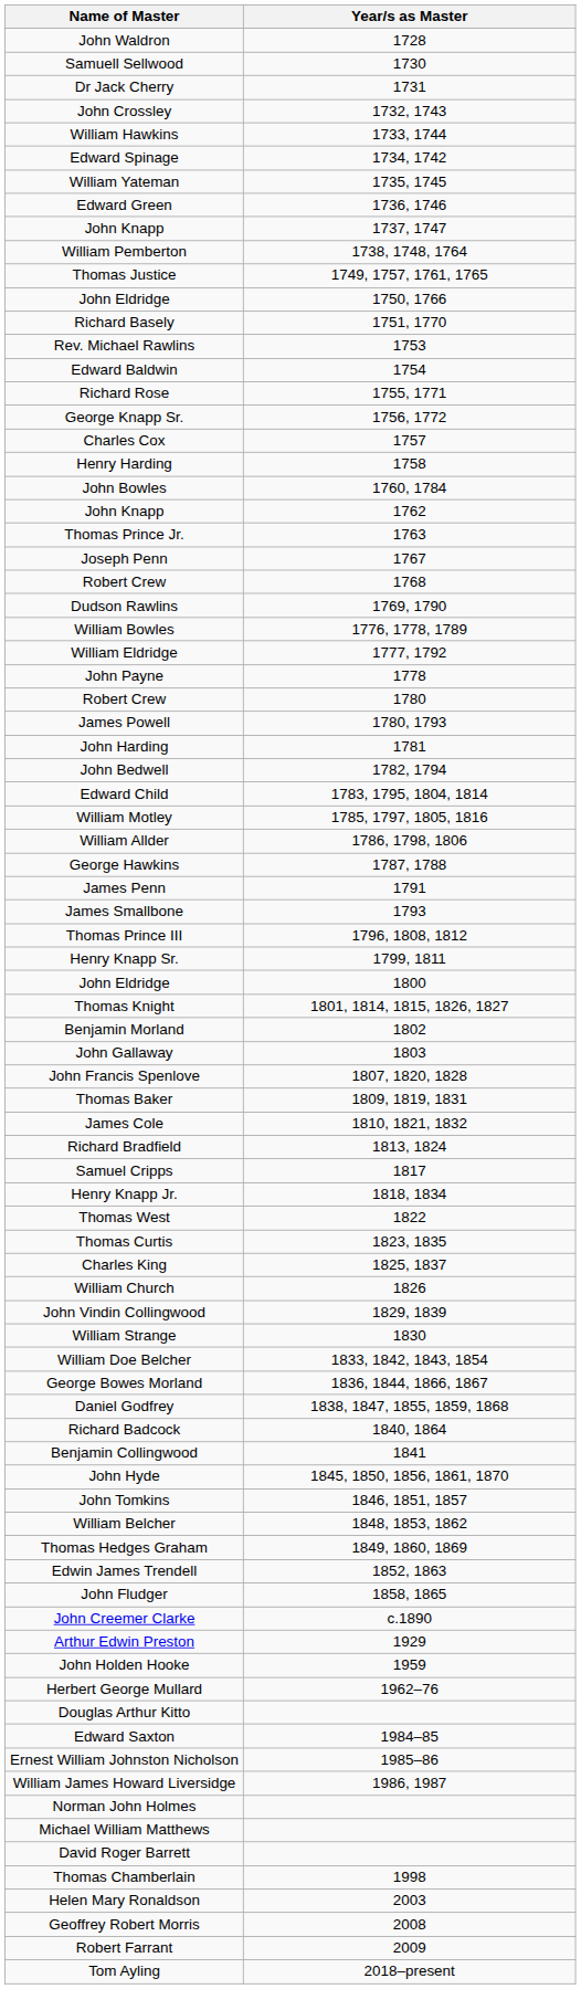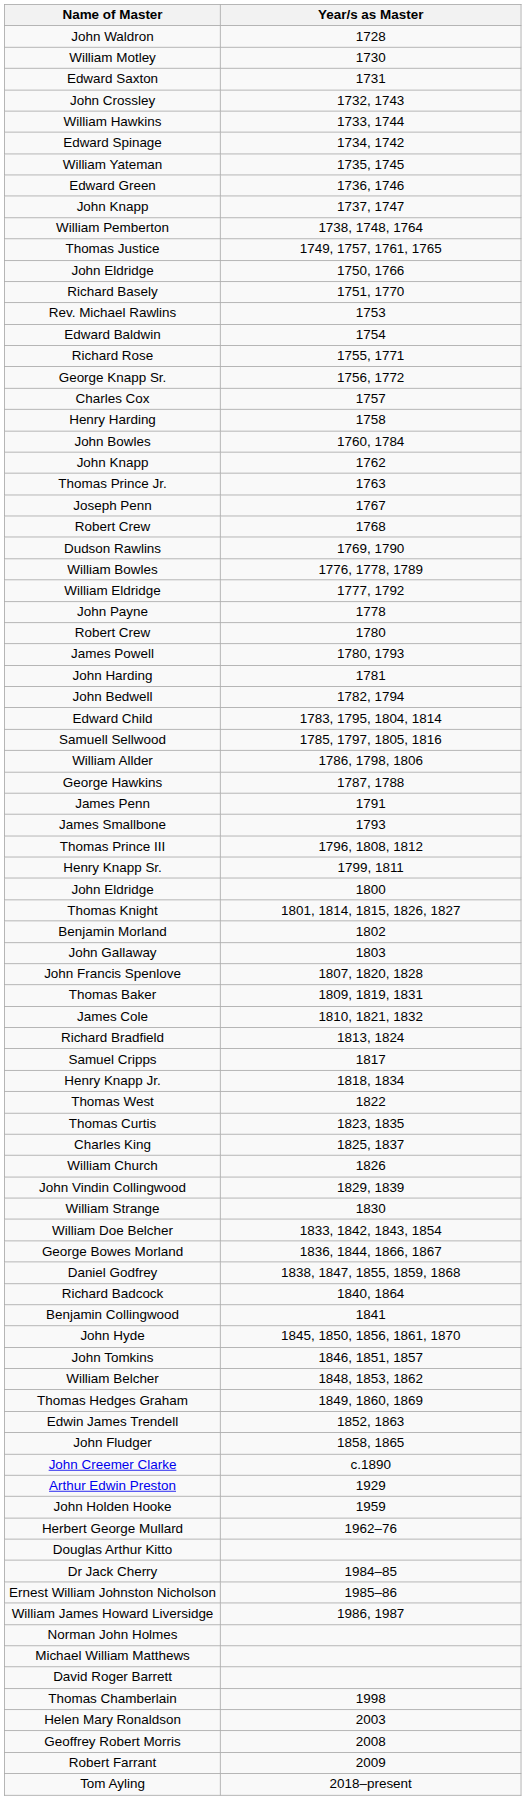 <table class="wikitable collapsible collapsed" style="text-align:center">
 <tr>
 <th width=250>Name of Master</th>
 <th width=350>Year/s as Master</th>
 </tr>
 <tr>
 <td>John Waldron</td>
 <td>1728</td>
 </tr>
 <tr>
-<td>Samuell Sellwood</td>
+<td>William Motley</td>
 <td>1730</td>
 </tr>
 <tr>
-<td>Dr Jack Cherry</td>
+<td>Edward Saxton</td>
 <td>1731</td>
 </tr>
 <tr>
 <td>John Crossley</td>
 <td>1732, 1743</td>
 </tr>
 <tr>
 <td>William Hawkins</td>
 <td>1733, 1744</td>
 </tr>
 <tr>
 <td>Edward Spinage</td>
 <td>1734, 1742</td>
 </tr>
 <tr>
 <td>William Yateman</td>
 <td>1735, 1745</td>
 </tr>
 <tr>
 <td>Edward Green</td>
 <td>1736, 1746</td>
 </tr>
 <tr>
 <td>John Knapp</td>
 <td>1737, 1747</td>
 </tr>
 <tr>
 <td>William Pemberton</td>
 <td>1738, 1748, 1764</td>
 </tr>
 <tr>
 <td>Thomas Justice</td>
 <td>1749, 1757, 1761, 1765</td>
 </tr>
 <tr>
 <td>John Eldridge</td>
 <td>1750, 1766</td>
 </tr>
 <tr>
 <td>Richard Basely</td>
 <td>1751, 1770</td>
 </tr>
 <tr>
 <td>Rev. Michael Rawlins</td>
 <td>1753</td>
 </tr>
 <tr>
 <td>Edward Baldwin</td>
 <td>1754</td>
 </tr>
 <tr>
 <td>Richard Rose</td>
 <td>1755, 1771</td>
 </tr>
 <tr>
 <td>George Knapp Sr.</td>
 <td>1756, 1772</td>
 </tr>
 <tr>
 <td>Charles Cox</td>
 <td>1757</td>
 </tr>
 <tr>
 <td>Henry Harding</td>
 <td>1758</td>
 </tr>
 <tr>
 <td>John Bowles</td>
 <td>1760, 1784</td>
 </tr>
 <tr>
 <td>John Knapp</td>
 <td>1762</td>
 </tr>
 <tr>
 <td>Thomas Prince Jr.</td>
 <td>1763</td>
 </tr>
 <tr>
 <td>Joseph Penn</td>
 <td>1767</td>
 </tr>
 <tr>
 <td>Robert Crew</td>
 <td>1768</td>
 </tr>
 <tr>
 <td>Dudson Rawlins</td>
 <td>1769, 1790</td>
 </tr>
 <tr>
 <td>William Bowles</td>
 <td>1776, 1778, 1789</td>
 </tr>
 <tr>
 <td>William Eldridge</td>
 <td>1777, 1792</td>
 </tr>
 <tr>
 <td>John Payne</td>
 <td>1778</td>
 </tr>
 <tr>
 <td>Robert Crew</td>
 <td>1780</td>
 </tr>
 <tr>
 <td>James Powell</td>
 <td>1780, 1793</td>
 </tr>
 <tr>
 <td>John Harding</td>
 <td>1781</td>
 </tr>
 <tr>
 <td>John Bedwell</td>
 <td>1782, 1794</td>
 </tr>
 <tr>
 <td>Edward Child</td>
 <td>1783, 1795, 1804, 1814</td>
 </tr>
 <tr>
-<td>William Motley</td>
+<td>Samuell Sellwood</td>
 <td>1785, 1797, 1805, 1816</td>
 </tr>
 <tr>
 <td>William Allder</td>
 <td>1786, 1798, 1806</td>
 </tr>
 <tr>
 <td>George Hawkins</td>
 <td>1787, 1788</td>
 </tr>
 <tr>
 <td>James Penn</td>
 <td>1791</td>
 </tr>
 <tr>
 <td>James Smallbone</td>
 <td>1793</td>
 </tr>
 <tr>
 <td>Thomas Prince III</td>
 <td>1796, 1808, 1812</td>
 </tr>
 <tr>
 <td>Henry Knapp Sr.</td>
 <td>1799, 1811</td>
 </tr>
 <tr>
 <td>John Eldridge</td>
 <td>1800</td>
 </tr>
 <tr>
 <td>Thomas Knight</td>
 <td>1801, 1814, 1815, 1826, 1827</td>
 </tr>
 <tr>
 <td>Benjamin Morland</td>
 <td>1802</td>
 </tr>
 <tr>
 <td>John Gallaway</td>
 <td>1803</td>
 </tr>
 <tr>
 <td>John Francis Spenlove</td>
 <td>1807, 1820, 1828</td>
 </tr>
 <tr>
 <td>Thomas Baker</td>
 <td>1809, 1819, 1831</td>
 </tr>
 <tr>
 <td>James Cole</td>
 <td>1810, 1821, 1832</td>
 </tr>
 <tr>
 <td>Richard Bradfield</td>
 <td>1813, 1824</td>
 </tr>
 <tr>
 <td>Samuel Cripps</td>
 <td>1817</td>
 </tr>
 <tr>
 <td>Henry Knapp Jr.</td>
 <td>1818, 1834</td>
 </tr>
 <tr>
 <td>Thomas West</td>
 <td>1822</td>
 </tr>
 <tr>
 <td>Thomas Curtis</td>
 <td>1823, 1835</td>
 </tr>
 <tr>
 <td>Charles King</td>
 <td>1825, 1837</td>
 </tr>
 <tr>
 <td>William Church</td>
 <td>1826</td>
 </tr>
 <tr>
 <td>John Vindin Collingwood</td>
 <td>1829, 1839</td>
 </tr>
 <tr>
 <td>William Strange</td>
 <td>1830</td>
 </tr>
 <tr>
 <td>William Doe Belcher</td>
 <td>1833, 1842, 1843, 1854</td>
 </tr>
 <tr>
 <td>George Bowes Morland</td>
 <td>1836, 1844, 1866, 1867</td>
 </tr>
 <tr>
 <td>Daniel Godfrey</td>
 <td>1838, 1847, 1855, 1859, 1868</td>
 </tr>
 <tr>
 <td>Richard Badcock</td>
 <td>1840, 1864</td>
 </tr>
 <tr>
 <td>Benjamin Collingwood</td>
 <td>1841</td>
 </tr>
 <tr>
 <td>John Hyde</td>
 <td>1845, 1850, 1856, 1861, 1870</td>
 </tr>
 <tr>
 <td>John Tomkins</td>
 <td>1846, 1851, 1857</td>
 </tr>
 <tr>
 <td>William Belcher</td>
 <td>1848, 1853, 1862</td>
 </tr>
 <tr>
 <td>Thomas Hedges Graham</td>
 <td>1849, 1860, 1869</td>
 </tr>
 <tr>
 <td>Edwin James Trendell</td>
 <td>1852, 1863</td>
 </tr>
 <tr>
 <td>John Fludger</td>
 <td>1858, 1865</td>
 </tr>
 <tr>
 <td><a href='#'>John Creemer Clarke</a></td>
 <td>c.1890</td>
 </tr>
 <tr>
 <td><a href='#'>Arthur Edwin Preston</a></td>
 <td>1929</td>
 </tr>
 <tr>
 <td>John Holden Hooke</td>
 <td>1959</td>
 </tr>
 <tr>
 <td>Herbert George Mullard</td>
 <td>1962–76</td>
 </tr>
 <tr>
 <td>Douglas Arthur Kitto</td>
 <td></td>
 </tr>
 <tr>
-<td>Edward Saxton</td>
+<td>Dr Jack Cherry</td>
 <td>1984–85</td>
 </tr>
 <tr>
 <td>Ernest William Johnston Nicholson</td>
 <td>1985–86</td>
 </tr>
 <tr>
 <td>William James Howard Liversidge</td>
 <td>1986, 1987</td>
 </tr>
 <tr>
 <td>Norman John Holmes</td>
 <td></td>
 </tr>
 <tr>
 <td>Michael William Matthews</td>
 <td></td>
 </tr>
 <tr>
 <td>David Roger Barrett</td>
 <td></td>
 </tr>
 <tr>
 <td>Thomas Chamberlain</td>
 <td>1998</td>
 </tr>
 <tr>
 <td>Helen Mary Ronaldson</td>
 <td>2003</td>
 </tr>
 <tr>
 <td>Geoffrey Robert Morris</td>
 <td>2008</td>
 </tr>
 <tr>
 <td>Robert Farrant</td>
 <td>2009</td>
 </tr>
 <tr>
 <td>Tom Ayling</td>
 <td>2018–present </td>
 </tr>
 </table>
